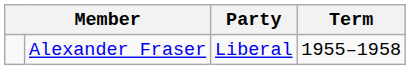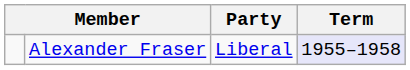 <table class="wikitable">
 <tr>
 <th colspan="2">Member</th>
 <th>Party</th>
 <th>Term</th>
 </tr>
 <tr>
 <td> </td>
 <td><a href='#'>Alexander Fraser</a></td>
 <td><a href='#'>Liberal</a></td>
-<td>1955–1958</td>
+<td style="background: lavender;">1955–1958</td>
 </tr>
 </table>
